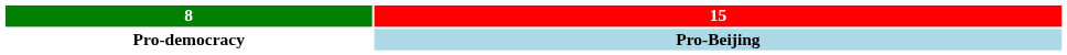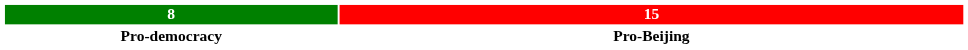 <table style="width:50%; text-align:center;">
 <tr style="color:white;">
 <td style="background:green; width:34.78%;"><strong>8</strong></td>
 <td style="background:red; width:66.22%;"><strong>15</strong></td>
 </tr>
 <tr>
 <td><span><strong>Pro-democracy</strong></span></td>
-<td style="background: lightblue;"><span><strong>Pro-Beijing</strong></span></td>
+<td><span><strong>Pro-Beijing</strong></span></td>
 </tr>
 </table>
